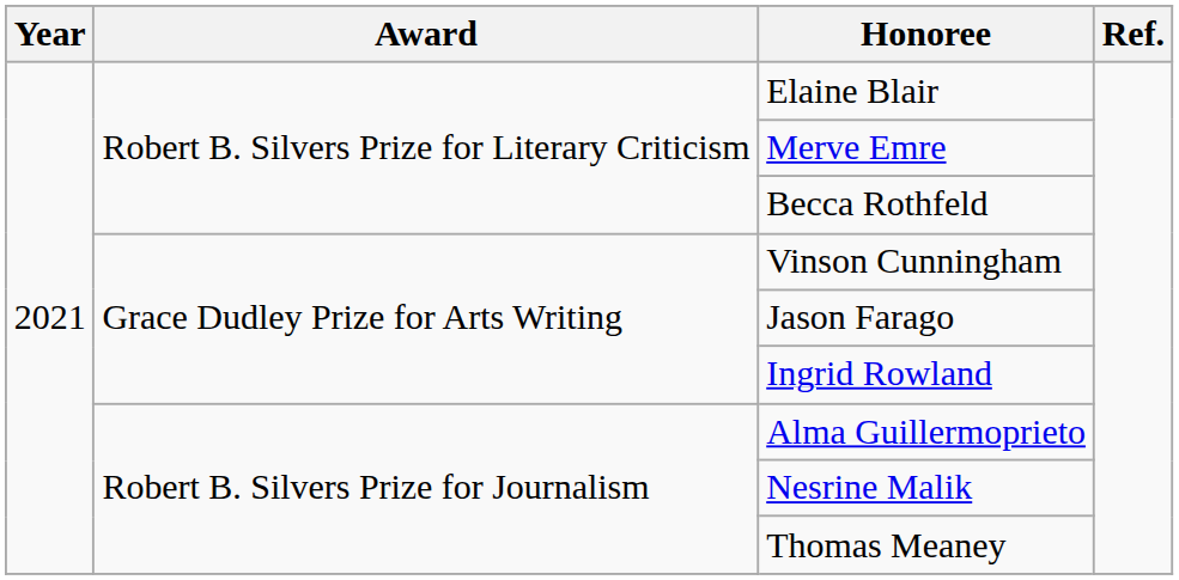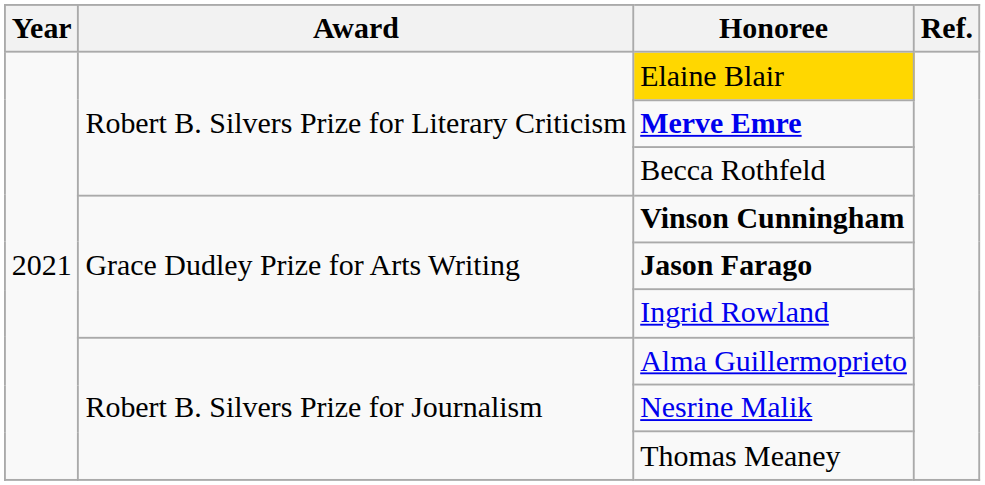 <table class="wikitable">
 <tr>
 <th>Year</th>
 <th>Award</th>
 <th>Honoree</th>
 <th>Ref.</th>
 </tr>
 <tr>
 <td rowspan="9">2021</td>
 <td rowspan="3">Robert B. Silvers Prize for Literary Criticism</td>
-<td>Elaine Blair</td>
+<td style="background: gold;">Elaine Blair</td>
 <td rowspan="9"></td>
 </tr>
 <tr>
-<td><a href='#'>Merve Emre</a></td>
+<td><strong><a href='#'>Merve Emre</a></strong></td>
 </tr>
 <tr>
 <td>Becca Rothfeld</td>
 </tr>
 <tr>
 <td rowspan="3">Grace Dudley Prize for Arts Writing</td>
-<td>Vinson Cunningham</td>
+<td><strong>Vinson Cunningham</strong></td>
 </tr>
 <tr>
-<td>Jason Farago</td>
+<td><strong>Jason Farago</strong></td>
 </tr>
 <tr>
 <td><a href='#'>Ingrid Rowland</a></td>
 </tr>
 <tr>
 <td rowspan="3">Robert B. Silvers Prize for Journalism</td>
 <td><a href='#'>Alma Guillermoprieto</a></td>
 </tr>
 <tr>
 <td><a href='#'>Nesrine Malik</a></td>
 </tr>
 <tr>
 <td>Thomas Meaney</td>
 </tr>
 </table>
